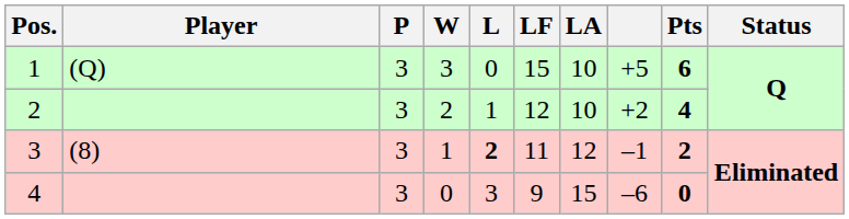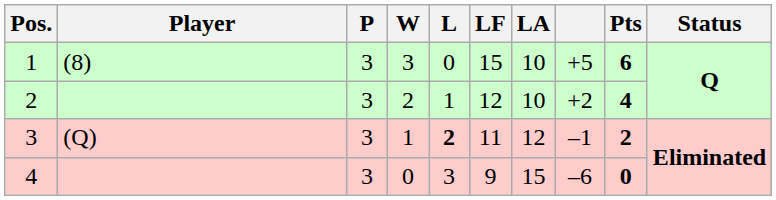 <table class="wikitable" style="text-align:center; margin: 1em auto 1em auto, align:left">
 <tr>
 <th width=20>Pos.</th>
 <th width=185>Player</th>
 <th width=20>P</th>
 <th width=20>W</th>
 <th width=20>L</th>
 <th width=20>LF</th>
 <th width=20>LA</th>
 <th width=25></th>
 <th width=20>Pts</th>
 <th width=70>Status</th>
 </tr>
 <tr style="background:#CCFFCC;">
 <td>1</td>
-<td style="text-align:left"> (Q)</td>
+<td style="text-align:left"> (8)</td>
 <td>3</td>
 <td>3</td>
 <td>0</td>
 <td>15</td>
 <td>10</td>
 <td>+5</td>
 <td><strong>6</strong></td>
 <td rowspan=2><strong>Q</strong></td>
 </tr>
 <tr style="background:#CCFFCC;">
 <td>2</td>
 <td style="text-align:left"></td>
 <td>3</td>
 <td>2</td>
 <td>1</td>
 <td>12</td>
 <td>10</td>
 <td>+2</td>
 <td><strong>4</strong></td>
 </tr>
 <tr style="background:#FFCCCC;">
 <td>3</td>
-<td style="text-align:left"> (8)</td>
+<td style="text-align:left"> (Q)</td>
 <td>3</td>
 <td>1</td>
 <td><strong>2</strong></td>
 <td>11</td>
 <td>12</td>
 <td>–1</td>
 <td><strong>2</strong></td>
 <td rowspan=2><strong>Eliminated</strong></td>
 </tr>
 <tr style="background:#FFCCCC;">
 <td>4</td>
 <td style="text-align:left"></td>
 <td>3</td>
 <td>0</td>
 <td>3</td>
 <td>9</td>
 <td>15</td>
 <td>–6</td>
 <td><strong>0</strong></td>
 </tr>
 </table>
